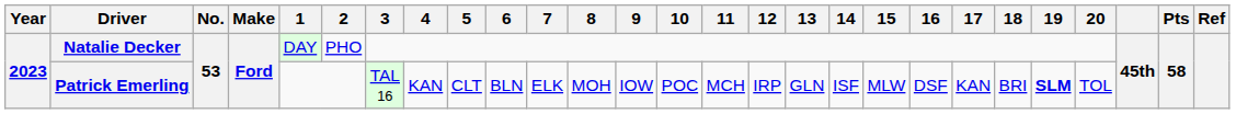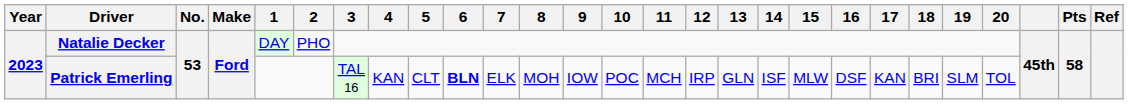 <table class="wikitable" style="text-align:center; font-size:75%">
 <tr>
 <th>Year</th>
 <th>Driver</th>
 <th>No.</th>
 <th>Make</th>
 <th>1</th>
 <th>2</th>
 <th>3</th>
 <th>4</th>
 <th>5</th>
 <th>6</th>
 <th>7</th>
 <th>8</th>
 <th>9</th>
 <th>10</th>
 <th>11</th>
 <th>12</th>
 <th>13</th>
 <th>14</th>
 <th>15</th>
 <th>16</th>
 <th>17</th>
 <th>18</th>
 <th>19</th>
 <th>20</th>
 <th></th>
 <th>Pts</th>
 <th>Ref</th>
 </tr>
 <tr>
 <th rowspan=2><a href='#'>2023</a></th>
 <th><a href='#'>Natalie Decker</a></th>
 <th rowspan=2>53</th>
 <th rowspan=2><a href='#'>Ford</a></th>
 <td style="background:#DFFFDF;"><a href='#'>DAY</a><br></td>
 <td><a href='#'>PHO</a></td>
 <td colspan=18></td>
 <th rowspan=2>45th</th>
 <th rowspan=2>58</th>
 <th rowspan=2></th>
 </tr>
 <tr>
 <th><a href='#'>Patrick Emerling</a></th>
 <td colspan=2></td>
 <td style="background:#DFFFDF;"><a href='#'>TAL</a><br><small>16</small></td>
 <td><a href='#'>KAN</a></td>
 <td><a href='#'>CLT</a></td>
-<td><a href='#'>BLN</a></td>
+<td><strong><a href='#'>BLN</a></strong></td>
 <td><a href='#'>ELK</a></td>
 <td><a href='#'>MOH</a></td>
 <td><a href='#'>IOW</a></td>
 <td><a href='#'>POC</a></td>
 <td><a href='#'>MCH</a></td>
 <td><a href='#'>IRP</a></td>
 <td><a href='#'>GLN</a></td>
 <td><a href='#'>ISF</a></td>
 <td><a href='#'>MLW</a></td>
 <td><a href='#'>DSF</a></td>
 <td><a href='#'>KAN</a></td>
 <td><a href='#'>BRI</a></td>
-<td><strong><a href='#'>SLM</a></strong></td>
+<td><a href='#'>SLM</a></td>
 <td><a href='#'>TOL</a></td>
 </tr>
 </table>
